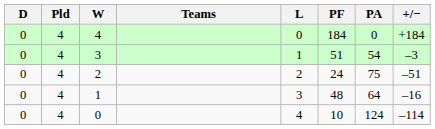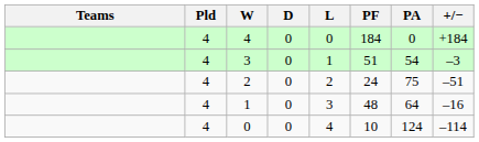 <table class="wikitable" style="text-align: center;">
 <tr>
-<th width="40">D</th>
+<th width="200">Teams</th>
 <th width="40">Pld</th>
 <th width="40">W</th>
-<th width="200">Teams</th>
+<th width="40">D</th>
 <th width="40">L</th>
 <th width="40">PF</th>
 <th width="40">PA</th>
 <th width="40">+/−</th>
 </tr>
 <tr bgcolor=ccffcc>
-<td>0</td>
+<td align=left></td>
 <td>4</td>
 <td>4</td>
-<td align=left></td>
+<td>0</td>
 <td>0</td>
 <td>184</td>
 <td>0</td>
 <td>+184</td>
 </tr>
 <tr bgcolor=ccffcc>
-<td>0</td>
+<td align="left"></td>
 <td>4</td>
 <td>3</td>
-<td align="left"></td>
+<td>0</td>
 <td>1</td>
 <td>51</td>
 <td>54</td>
 <td>–3</td>
 </tr>
 <tr>
-<td>0</td>
+<td align=left></td>
 <td>4</td>
 <td>2</td>
-<td align=left></td>
+<td>0</td>
 <td>2</td>
 <td>24</td>
 <td>75</td>
 <td>–51</td>
 </tr>
 <tr>
-<td>0</td>
+<td align="left"></td>
 <td>4</td>
 <td>1</td>
-<td align="left"></td>
+<td>0</td>
 <td>3</td>
 <td>48</td>
 <td>64</td>
 <td>–16</td>
 </tr>
 <tr>
-<td>0</td>
+<td align="left"></td>
 <td>4</td>
 <td>0</td>
-<td align="left"></td>
+<td>0</td>
 <td>4</td>
 <td>10</td>
 <td>124</td>
 <td>–114</td>
 </tr>
 </table>
